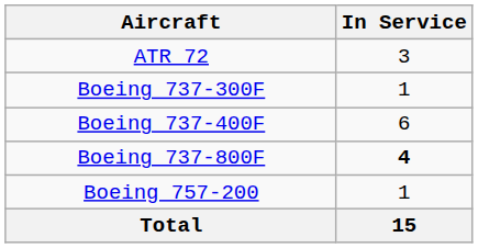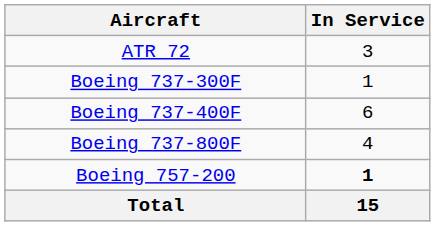 <table class="wikitable" style="text-align:center;margin:0.5em auto">
 <tr>
 <th style="width:200px;">Aircraft</th>
 <th>In Service</th>
 </tr>
 <tr>
 <td><a href='#'>ATR 72</a></td>
 <td>3</td>
 </tr>
 <tr>
 <td><a href='#'>Boeing 737-300F</a></td>
 <td>1</td>
 </tr>
 <tr>
 <td><a href='#'>Boeing 737-400F</a></td>
 <td>6</td>
 </tr>
 <tr>
 <td><a href='#'>Boeing 737-800F</a></td>
-<td><strong>4</strong></td>
+<td>4</td>
 </tr>
 <tr>
 <td><a href='#'>Boeing 757-200</a></td>
-<td>1</td>
+<td><strong>1</strong></td>
 </tr>
 <tr>
 <th>Total</th>
 <th>15</th>
 </tr>
 </table>
